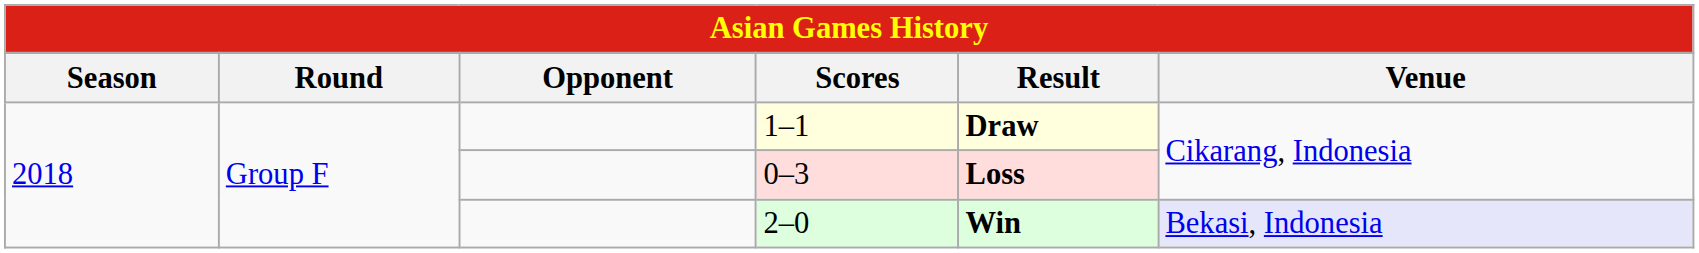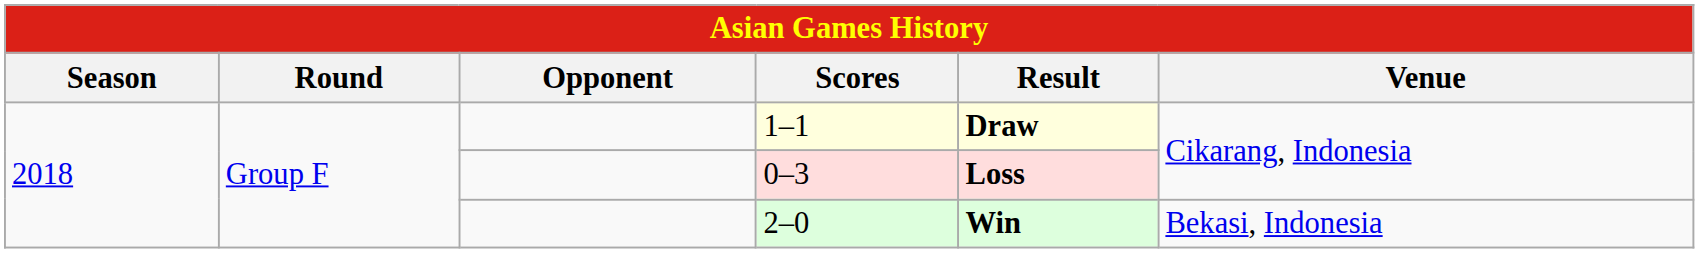 <table class="wikitable collapsible collapsed" style="text-align:center, font-size:90%; width:70%;">
 <tr>
 <th colspan="6" style="background:#DB2017; color:#FFFF00">Asian Games History</th>
 </tr>
 <tr>
 <th>Season</th>
 <th>Round</th>
 <th>Opponent</th>
 <th>Scores</th>
 <th>Result</th>
 <th>Venue</th>
 </tr>
 <tr>
 <td rowspan="3"><a href='#'>2018</a></td>
 <td rowspan="3"><a href='#'>Group F</a></td>
 <td style="text-align:left"></td>
 <td style="background:#ffd;">1–1</td>
 <td style="background:#ffd"><strong>Draw</strong></td>
 <td rowspan="2"> <a href='#'>Cikarang</a>, <a href='#'>Indonesia</a></td>
 </tr>
 <tr>
 <td style="text-align:left"></td>
 <td style="background:#fdd;">0–3</td>
 <td style="background:#fdd"><strong>Loss</strong></td>
 </tr>
 <tr>
 <td style="text-align:left"></td>
 <td style="background:#dfd;">2–0</td>
 <td style="background:#dfd"><strong>Win</strong></td>
-<td rowspan="1" style="background: lavender;"> <a href='#'>Bekasi</a>, <a href='#'>Indonesia</a></td>
+<td rowspan="1"> <a href='#'>Bekasi</a>, <a href='#'>Indonesia</a></td>
 </tr>
 </table>
